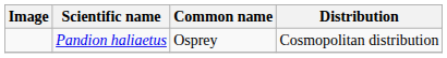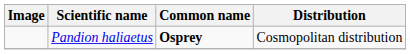 <table class="wikitable">
 <tr>
 <th>Image</th>
 <th>Scientific name</th>
 <th>Common name</th>
 <th>Distribution</th>
 </tr>
 <tr>
 <td></td>
 <td><em><a href='#'>Pandion haliaetus</a></em></td>
-<td>Osprey</td>
+<td><strong>Osprey</strong></td>
 <td>Cosmopolitan distribution</td>
 </tr>
 <tr>
 </tr>
 </table>
